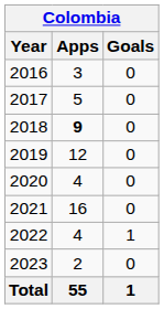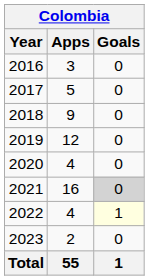 <table class="wikitable" style="text-align:center">
 <tr>
 <th colspan="3"><a href='#'>Colombia</a></th>
 </tr>
 <tr>
 <th>Year</th>
 <th>Apps</th>
 <th>Goals</th>
 </tr>
 <tr>
 <td>2016</td>
 <td>3</td>
 <td>0</td>
 </tr>
 <tr>
 <td>2017</td>
 <td>5</td>
 <td>0</td>
 </tr>
 <tr>
 <td>2018</td>
-<td><strong>9</strong></td>
+<td>9</td>
 <td>0</td>
 </tr>
 <tr>
 <td>2019</td>
 <td>12</td>
 <td>0</td>
 </tr>
 <tr>
 <td>2020</td>
 <td>4</td>
 <td>0</td>
 </tr>
 <tr>
 <td>2021</td>
 <td>16</td>
-<td>0</td>
+<td style="background: lightgrey;">0</td>
 </tr>
 <tr>
 <td>2022</td>
 <td>4</td>
-<td>1</td>
+<td style="background: lightyellow;">1</td>
 </tr>
 <tr>
 <td>2023</td>
 <td>2</td>
 <td>0</td>
 </tr>
 <tr>
 <th>Total</th>
 <th>55</th>
 <th>1</th>
 </tr>
 </table>
